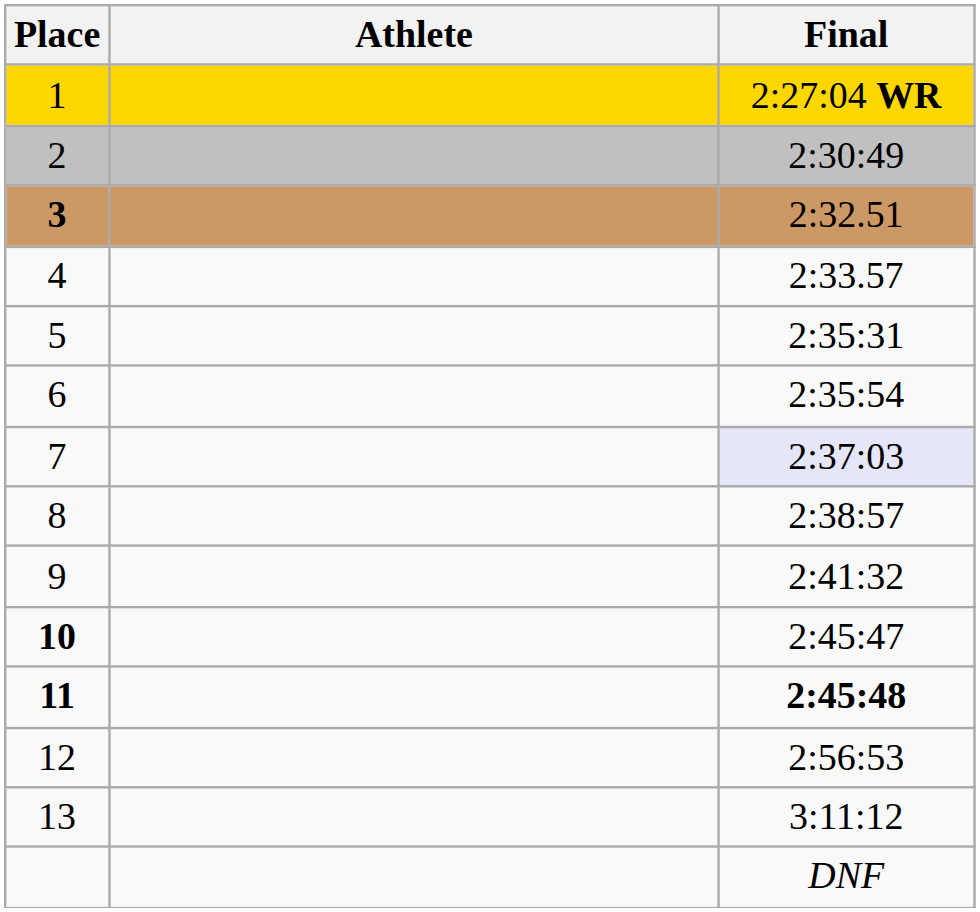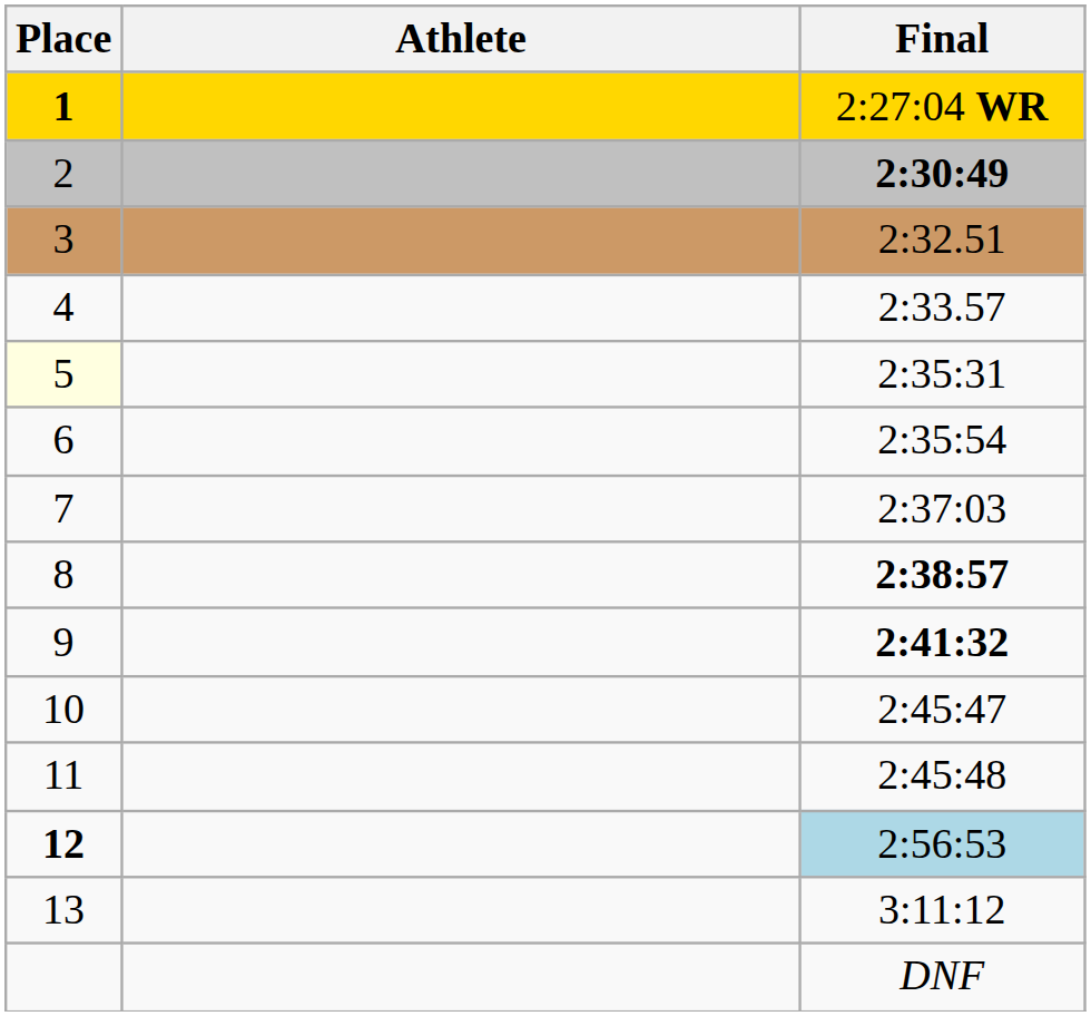 <table class="wikitable" style="text-align:center">
 <tr>
 <th>Place</th>
 <th width=250>Athlete</th>
 <th width=100>Final</th>
 </tr>
 <tr bgcolor=gold>
-<td>1</td>
+<td><strong>1</strong></td>
 <td align=left></td>
 <td>2:27:04 <strong>WR</strong></td>
 </tr>
 <tr bgcolor=silver>
 <td>2</td>
 <td align=left></td>
-<td>2:30:49</td>
+<td><strong>2:30:49</strong></td>
 </tr>
 <tr bgcolor=cc9966>
-<td><strong>3</strong></td>
+<td>3</td>
 <td align=left></td>
 <td>2:32.51</td>
 </tr>
 <tr>
 <td>4</td>
 <td align=left></td>
 <td>2:33.57</td>
 </tr>
 <tr>
-<td>5</td>
+<td style="background: lightyellow;">5</td>
 <td align=left></td>
 <td>2:35:31</td>
 </tr>
 <tr>
 <td>6</td>
 <td align=left></td>
 <td>2:35:54</td>
 </tr>
 <tr>
 <td>7</td>
 <td align=left></td>
-<td style="background: lavender;">2:37:03</td>
+<td>2:37:03</td>
 </tr>
 <tr>
 <td>8</td>
 <td align=left></td>
-<td>2:38:57</td>
+<td><strong>2:38:57</strong></td>
 </tr>
 <tr>
 <td>9</td>
 <td align=left></td>
-<td>2:41:32</td>
+<td><strong>2:41:32</strong></td>
 </tr>
 <tr>
-<td><strong>10</strong></td>
+<td>10</td>
 <td align=left></td>
 <td>2:45:47</td>
 </tr>
 <tr>
-<td><strong>11</strong></td>
+<td>11</td>
 <td align=left></td>
-<td><strong>2:45:48</strong></td>
+<td>2:45:48</td>
 </tr>
 <tr>
-<td>12</td>
+<td><strong>12</strong></td>
 <td align=left></td>
-<td>2:56:53</td>
+<td style="background: lightblue;">2:56:53</td>
 </tr>
 <tr>
 <td>13</td>
 <td align=left></td>
 <td>3:11:12</td>
 </tr>
 <tr>
 <td></td>
 <td align=left></td>
 <td><em>DNF</em></td>
 </tr>
 <tr>
 </tr>
 </table>
